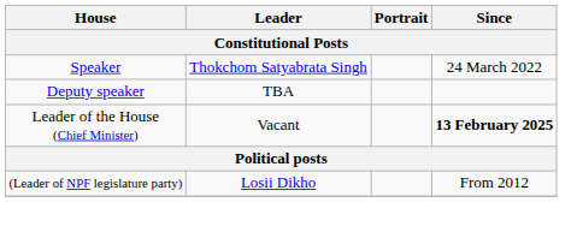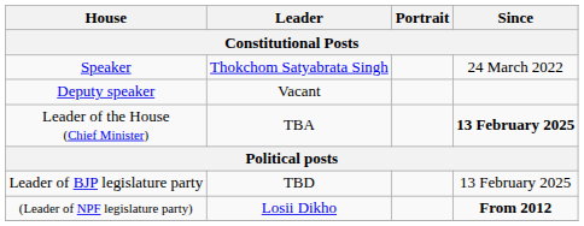 <table class="wikitable" style="text-align:center">
 <tr>
 <th Style="background-color:">House</th>
 <th Style="background-color:">Leader</th>
 <th Style="background-color:">Portrait</th>
 <th Style="background-color:">Since</th>
 </tr>
 <tr>
 <th colspan=4>Constitutional Posts</th>
 </tr>
 <tr>
 <td><a href='#'>Speaker</a></td>
 <td><a href='#'>Thokchom Satyabrata Singh</a></td>
 <td></td>
 <td>24 March 2022</td>
 </tr>
 <tr>
 <td><a href='#'>Deputy speaker</a></td>
-<td>TBA</td>
+<td>Vacant</td>
 <td></td>
 <td></td>
 </tr>
 <tr>
 <td>Leader of the House<br><small>(<a href='#'>Chief Minister</a>)</small></td>
-<td>Vacant</td>
+<td>TBA</td>
 <td></td>
 <td><strong>13 February 2025</strong></td>
 </tr>
 <tr>
 <th colspan=4>Political posts</th>
 </tr>
 <tr>
+<td>Leader of <a href='#'>BJP</a> legislature party</td>
+<td>TBD</td>
+<td></td>
+<td>13 February 2025</td>
+</tr>
+<tr>
 <td><small>(Leader of <a href='#'>NPF</a> legislature party)</small></td>
 <td><a href='#'>Losii Dikho</a></td>
 <td></td>
-<td>From 2012</td>
+<td><strong>From 2012</strong></td>
 </tr>
 <tr>
 </tr>
 </table>
